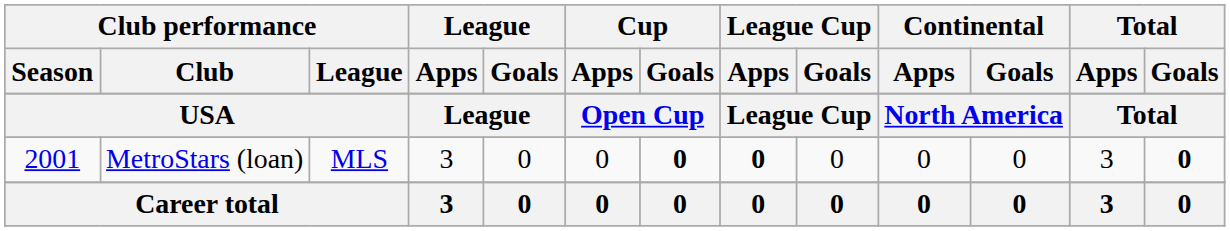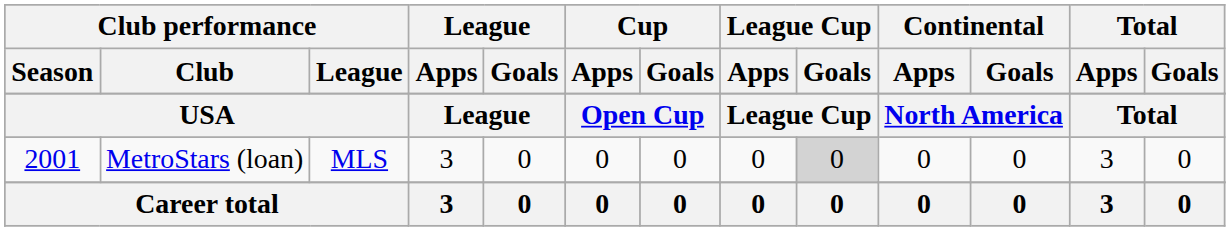 <table class="wikitable" style="text-align:center">
 <tr>
 <th colspan=3>Club performance</th>
 <th colspan=2>League</th>
 <th colspan=2>Cup</th>
 <th colspan=2>League Cup</th>
 <th colspan=2>Continental</th>
 <th colspan=2>Total</th>
 </tr>
 <tr>
 <th>Season</th>
 <th>Club</th>
 <th>League</th>
 <th>Apps</th>
 <th>Goals</th>
 <th>Apps</th>
 <th>Goals</th>
 <th>Apps</th>
 <th>Goals</th>
 <th>Apps</th>
 <th>Goals</th>
 <th>Apps</th>
 <th>Goals</th>
 </tr>
 <tr>
 </tr>
 <tr>
 <th colspan=3>USA</th>
 <th colspan=2>League</th>
 <th colspan=2><a href='#'>Open Cup</a></th>
 <th colspan=2>League Cup</th>
 <th colspan=2><a href='#'>North America</a></th>
 <th colspan=2>Total</th>
 </tr>
 <tr>
 <td><a href='#'>2001</a></td>
 <td><a href='#'>MetroStars</a> (loan)</td>
 <td><a href='#'>MLS</a></td>
 <td>3</td>
 <td>0</td>
 <td>0</td>
-<td><strong>0</strong></td>
-<td><strong>0</strong></td>
 <td>0</td>
+<td>0</td>
+<td style="background: lightgrey;">0</td>
 <td>0</td>
 <td>0</td>
 <td>3</td>
-<td><strong>0</strong></td>
+<td>0</td>
 </tr>
 <tr>
 </tr>
 <tr>
 <th colspan=3>Career total</th>
 <th>3</th>
 <th>0</th>
 <th>0</th>
 <th>0</th>
 <th>0</th>
 <th>0</th>
 <th>0</th>
 <th>0</th>
 <th>3</th>
 <th>0</th>
 </tr>
 </table>
